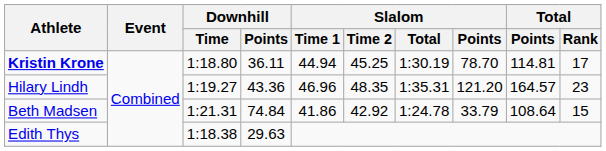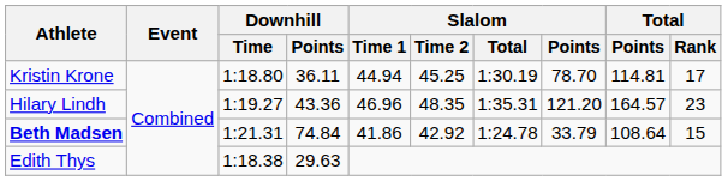 <table class=wikitable style=font-size:90%;text-align:center>
 <tr>
 <th rowspan=2>Athlete</th>
 <th rowspan=2>Event</th>
 <th colspan=2>Downhill</th>
 <th colspan=4>Slalom</th>
 <th colspan=2>Total</th>
 </tr>
 <tr style=font-size:95%>
 <th>Time</th>
 <th>Points</th>
 <th>Time 1</th>
 <th>Time 2</th>
 <th>Total</th>
 <th>Points</th>
 <th>Points</th>
 <th>Rank</th>
 </tr>
 <tr>
-<td align=left><strong><a href='#'>Kristin Krone</a></strong></td>
+<td align=left><a href='#'>Kristin Krone</a></td>
 <td align=left rowspan=4><a href='#'>Combined</a></td>
 <td>1:18.80</td>
 <td>36.11</td>
 <td>44.94</td>
 <td>45.25</td>
 <td>1:30.19</td>
 <td>78.70</td>
 <td>114.81</td>
 <td>17</td>
 </tr>
 <tr>
 <td align=left><a href='#'>Hilary Lindh</a></td>
 <td>1:19.27</td>
 <td>43.36</td>
 <td>46.96</td>
 <td>48.35</td>
 <td>1:35.31</td>
 <td>121.20</td>
 <td>164.57</td>
 <td>23</td>
 </tr>
 <tr>
-<td align=left><a href='#'>Beth Madsen</a></td>
+<td align=left><strong><a href='#'>Beth Madsen</a></strong></td>
 <td>1:21.31</td>
 <td>74.84</td>
 <td>41.86</td>
 <td>42.92</td>
 <td>1:24.78</td>
 <td>33.79</td>
 <td>108.64</td>
 <td>15</td>
 </tr>
 <tr>
 <td align=left><a href='#'>Edith Thys</a></td>
 <td>1:18.38</td>
 <td>29.63</td>
 <td colspan=6></td>
 </tr>
 </table>
